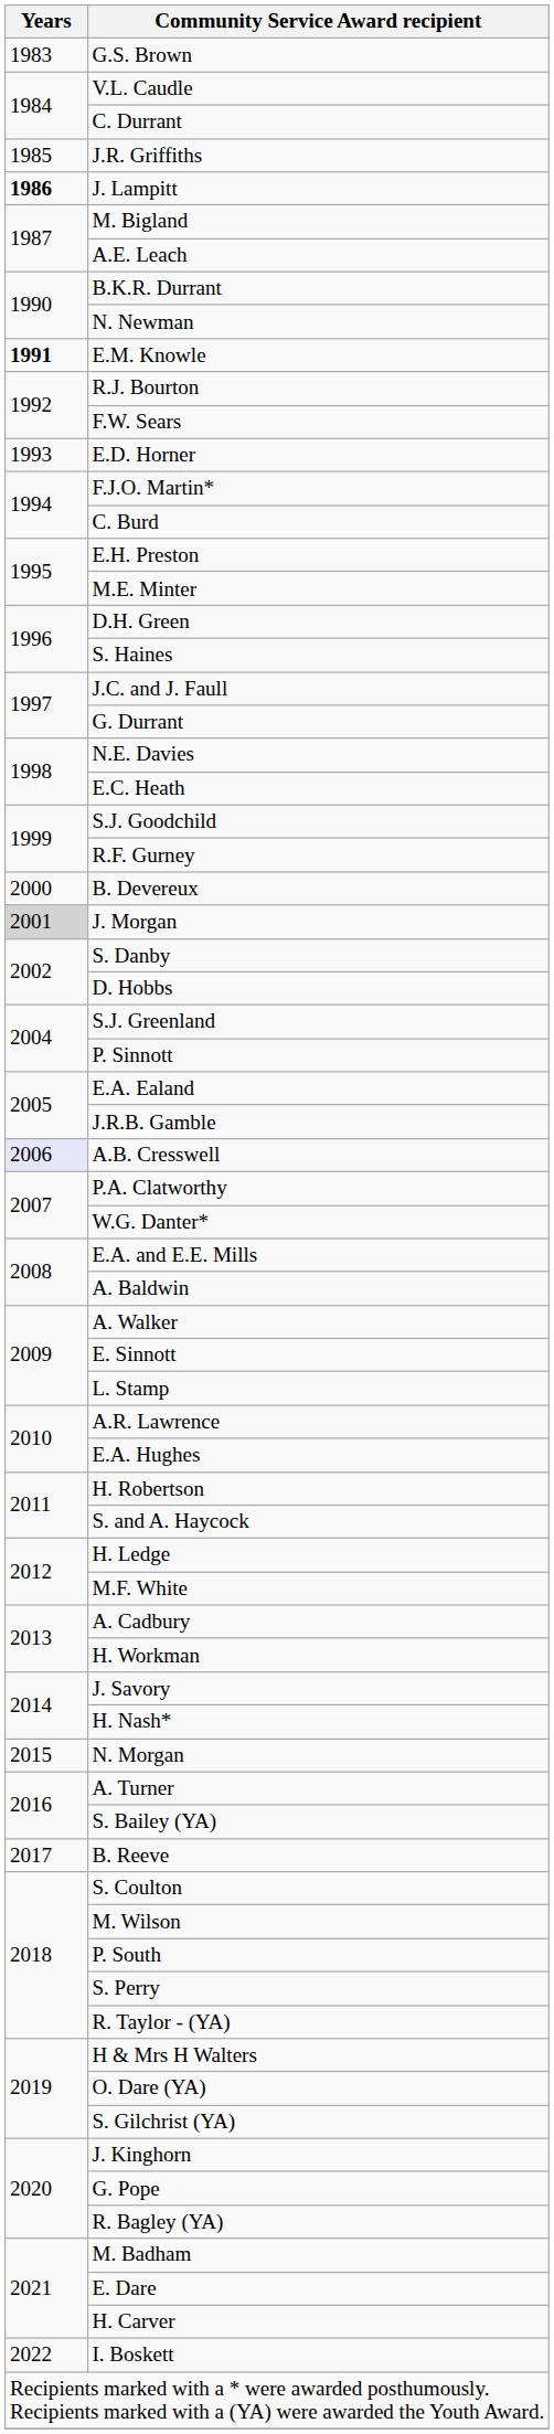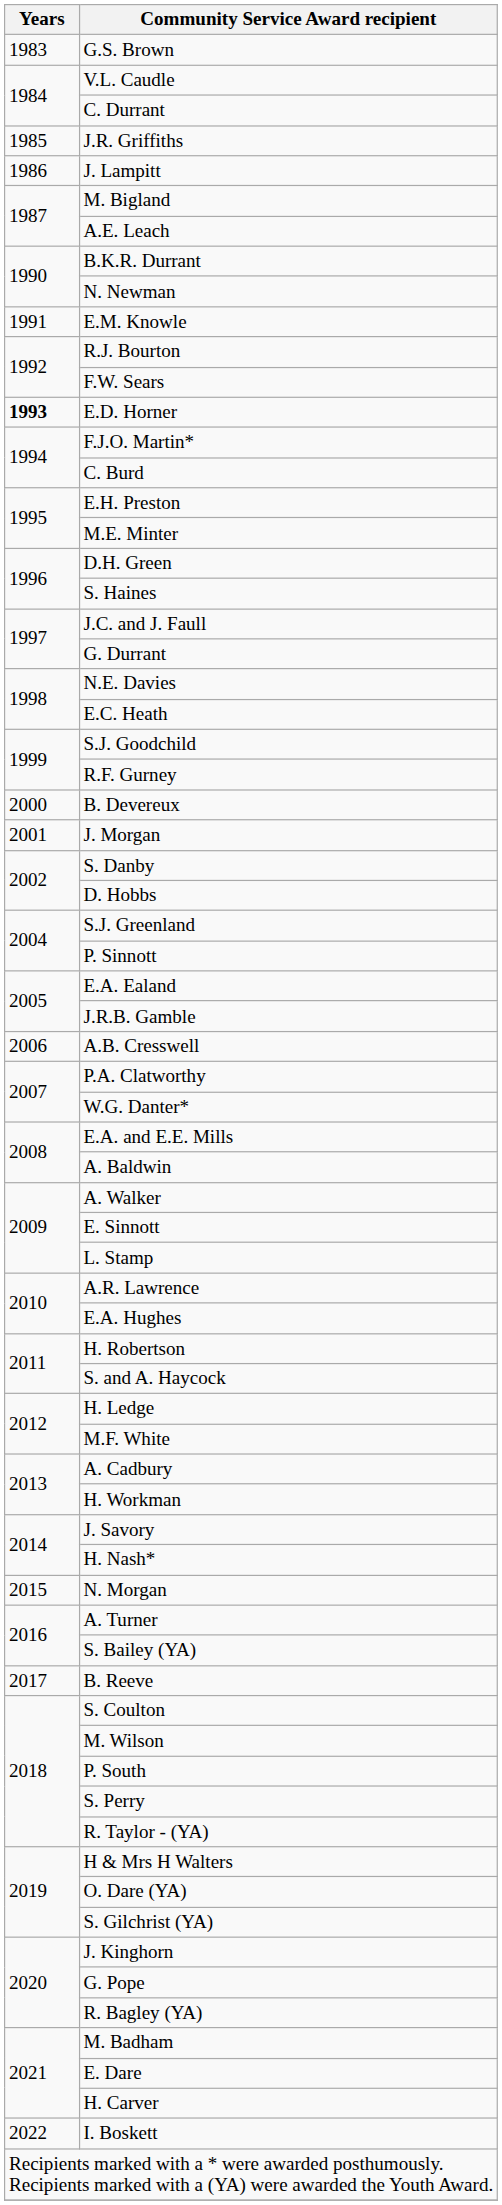 <table class="wikitable mw-collapsible">
 <tr>
 <th>Years</th>
 <th>Community Service Award recipient</th>
 </tr>
 <tr>
 <td>1983</td>
 <td>G.S. Brown</td>
 </tr>
 <tr>
 <td rowspan="2">1984</td>
 <td>V.L. Caudle</td>
 </tr>
 <tr>
 <td>C. Durrant</td>
 </tr>
 <tr>
 <td>1985</td>
 <td>J.R. Griffiths</td>
 </tr>
 <tr>
-<td><strong>1986</strong></td>
+<td>1986</td>
 <td>J. Lampitt</td>
 </tr>
 <tr>
 <td rowspan="2">1987</td>
 <td>M. Bigland</td>
 </tr>
 <tr>
 <td>A.E. Leach</td>
 </tr>
 <tr>
 <td rowspan="2">1990</td>
 <td>B.K.R. Durrant</td>
 </tr>
 <tr>
 <td>N. Newman</td>
 </tr>
 <tr>
-<td><strong>1991</strong></td>
+<td>1991</td>
 <td>E.M. Knowle</td>
 </tr>
 <tr>
 <td rowspan="2">1992</td>
 <td>R.J. Bourton</td>
 </tr>
 <tr>
 <td>F.W. Sears</td>
 </tr>
 <tr>
-<td>1993</td>
+<td><strong>1993</strong></td>
 <td>E.D. Horner</td>
 </tr>
 <tr>
 <td rowspan="2">1994</td>
 <td>F.J.O. Martin*</td>
 </tr>
 <tr>
 <td>C. Burd</td>
 </tr>
 <tr>
 <td rowspan="2">1995</td>
 <td>E.H. Preston</td>
 </tr>
 <tr>
 <td>M.E. Minter</td>
 </tr>
 <tr>
 <td rowspan="2">1996</td>
 <td>D.H. Green</td>
 </tr>
 <tr>
 <td>S. Haines</td>
 </tr>
 <tr>
 <td rowspan="2">1997</td>
 <td>J.C. and  J. Faull</td>
 </tr>
 <tr>
 <td>G. Durrant</td>
 </tr>
 <tr>
 <td rowspan="2">1998</td>
 <td>N.E. Davies</td>
 </tr>
 <tr>
 <td>E.C. Heath</td>
 </tr>
 <tr>
 <td rowspan="2">1999</td>
 <td>S.J. Goodchild</td>
 </tr>
 <tr>
 <td>R.F. Gurney</td>
 </tr>
 <tr>
 <td>2000</td>
 <td>B. Devereux</td>
 </tr>
 <tr>
-<td style="background: lightgrey;">2001</td>
+<td>2001</td>
 <td>J. Morgan</td>
 </tr>
 <tr>
 <td rowspan="2">2002</td>
 <td>S. Danby</td>
 </tr>
 <tr>
 <td>D. Hobbs</td>
 </tr>
 <tr>
 <td rowspan="2">2004</td>
 <td>S.J. Greenland</td>
 </tr>
 <tr>
 <td>P. Sinnott</td>
 </tr>
 <tr>
 <td rowspan="2">2005</td>
 <td>E.A. Ealand</td>
 </tr>
 <tr>
 <td>J.R.B. Gamble</td>
 </tr>
 <tr>
-<td style="background: lavender;">2006</td>
+<td>2006</td>
 <td>A.B. Cresswell</td>
 </tr>
 <tr>
 <td rowspan="2">2007</td>
 <td>P.A. Clatworthy</td>
 </tr>
 <tr>
 <td>W.G. Danter*</td>
 </tr>
 <tr>
 <td rowspan="2">2008</td>
 <td>E.A. and E.E. Mills</td>
 </tr>
 <tr>
 <td>A. Baldwin</td>
 </tr>
 <tr>
 <td rowspan="3">2009</td>
 <td>A. Walker</td>
 </tr>
 <tr>
 <td>E. Sinnott</td>
 </tr>
 <tr>
 <td>L. Stamp</td>
 </tr>
 <tr>
 <td rowspan="2">2010</td>
 <td>A.R. Lawrence</td>
 </tr>
 <tr>
 <td>E.A. Hughes</td>
 </tr>
 <tr>
 <td rowspan="2">2011</td>
 <td>H. Robertson</td>
 </tr>
 <tr>
 <td>S. and  A. Haycock</td>
 </tr>
 <tr>
 <td rowspan="2">2012</td>
 <td>H. Ledge</td>
 </tr>
 <tr>
 <td>M.F. White</td>
 </tr>
 <tr>
 <td rowspan="2">2013</td>
 <td>A. Cadbury</td>
 </tr>
 <tr>
 <td>H. Workman</td>
 </tr>
 <tr>
 <td rowspan="2">2014</td>
 <td>J. Savory</td>
 </tr>
 <tr>
 <td>H. Nash*</td>
 </tr>
 <tr>
 <td>2015</td>
 <td>N. Morgan</td>
 </tr>
 <tr>
 <td rowspan="2">2016</td>
 <td>A. Turner</td>
 </tr>
 <tr>
 <td>S. Bailey  (YA)</td>
 </tr>
 <tr>
 <td>2017</td>
 <td>B. Reeve</td>
 </tr>
 <tr>
 <td rowspan="5">2018</td>
 <td>S. Coulton</td>
 </tr>
 <tr>
 <td>M. Wilson</td>
 </tr>
 <tr>
 <td>P. South</td>
 </tr>
 <tr>
 <td>S. Perry</td>
 </tr>
 <tr>
 <td>R. Taylor - (YA)</td>
 </tr>
 <tr>
 <td rowspan="3">2019</td>
 <td>H & Mrs H Walters</td>
 </tr>
 <tr>
 <td>O. Dare (YA)</td>
 </tr>
 <tr>
 <td>S. Gilchrist (YA)</td>
 </tr>
 <tr>
 <td rowspan="3">2020</td>
 <td>J. Kinghorn</td>
 </tr>
 <tr>
 <td>G. Pope</td>
 </tr>
 <tr>
 <td>R. Bagley (YA)</td>
 </tr>
 <tr>
 <td rowspan="3">2021</td>
 <td>M. Badham</td>
 </tr>
 <tr>
 <td>E. Dare</td>
 </tr>
 <tr>
 <td>H. Carver</td>
 </tr>
 <tr>
 <td>2022</td>
 <td>I. Boskett</td>
 </tr>
 <tr>
 <td colspan="2">Recipients marked with a * were awarded posthumously.<br>Recipients marked with a (YA) were awarded the Youth Award.</td>
 </tr>
 <tr>
 </tr>
 </table>
